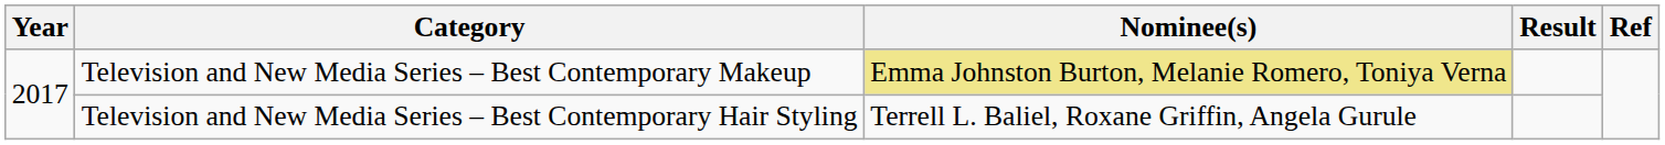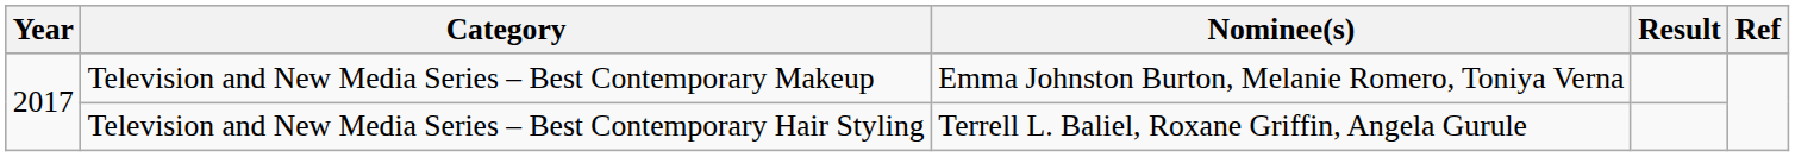 <table class="wikitable">
 <tr>
 <th>Year</th>
 <th>Category</th>
 <th>Nominee(s)</th>
 <th>Result</th>
 <th>Ref</th>
 </tr>
 <tr>
 <td rowspan=2>2017</td>
 <td>Television and New Media Series – Best Contemporary Makeup</td>
-<td style="background: khaki;">Emma Johnston Burton, Melanie Romero, Toniya Verna</td>
+<td>Emma Johnston Burton, Melanie Romero, Toniya Verna</td>
 <td></td>
 <td rowspan=2></td>
 </tr>
 <tr>
 <td>Television and New Media Series – Best Contemporary Hair Styling</td>
 <td>Terrell L. Baliel, Roxane Griffin, Angela Gurule</td>
 <td></td>
 </tr>
 </table>
